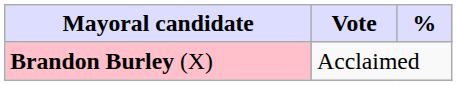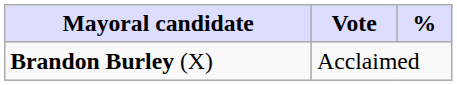 <table class="wikitable">
 <tr>
 <th style="background:#ddf;" width="200px">Mayoral candidate</th>
 <th style="background:#ddf;" width="50px">Vote</th>
 <th style="background:#ddf;" width="30px">%</th>
 </tr>
 <tr>
-<td style="background: pink;"><strong>Brandon Burley</strong> (X)</td>
+<td><strong>Brandon Burley</strong> (X)</td>
 <td colspan="2">Acclaimed</td>
 </tr>
 </table>
